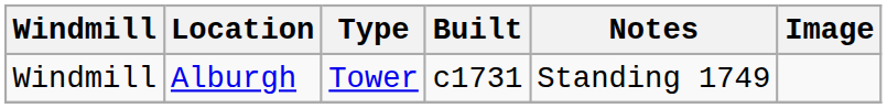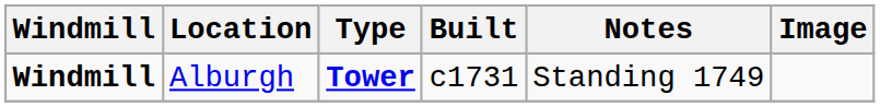 <table class="wikitable">
 <tr>
 <th>Windmill</th>
 <th>Location</th>
 <th>Type</th>
 <th>Built</th>
 <th>Notes</th>
 <th>Image</th>
 </tr>
 <tr>
-<td>Windmill</td>
+<td><strong>Windmill</strong></td>
 <td><a href='#'>Alburgh</a></td>
-<td><a href='#'>Tower</a></td>
+<td><strong><a href='#'>Tower</a></strong></td>
 <td>c1731</td>
 <td>Standing 1749</td>
 <td></td>
 </tr>
 <tr>
 </tr>
 </table>
